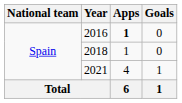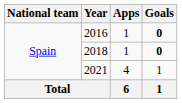 <table class="wikitable" style="text-align:center">
 <tr>
 <th>National team</th>
 <th>Year</th>
 <th>Apps</th>
 <th>Goals</th>
 </tr>
 <tr>
 <td rowspan=3><a href='#'>Spain</a></td>
 <td>2016</td>
-<td><strong>1</strong></td>
-<td>0</td>
+<td>1</td>
+<td><strong>0</strong></td>
 </tr>
 <tr>
 <td>2018</td>
 <td>1</td>
-<td>0</td>
+<td><strong>0</strong></td>
 </tr>
 <tr>
 <td>2021</td>
 <td>4</td>
 <td>1</td>
 </tr>
 <tr>
 <th colspan=2>Total</th>
 <th>6</th>
 <th>1</th>
 </tr>
 </table>
